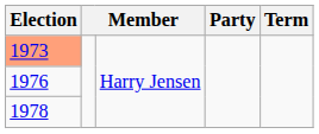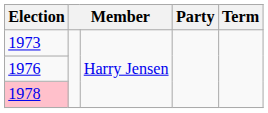 <table class="wikitable">
 <tr>
 <th>Election</th>
 <th colspan="2">Member</th>
 <th>Party</th>
 <th>Term</th>
 </tr>
 <tr>
-<td style="background: lightsalmon;"><a href='#'>1973</a></td>
+<td><a href='#'>1973</a></td>
 <td rowspan="3" > </td>
 <td rowspan="3"><a href='#'>Harry Jensen</a></td>
 <td rowspan="3"></td>
 </tr>
 <tr>
 <td><a href='#'>1976</a></td>
 </tr>
 <tr>
-<td><a href='#'>1978</a></td>
+<td style="background: pink;"><a href='#'>1978</a></td>
 </tr>
 </table>
